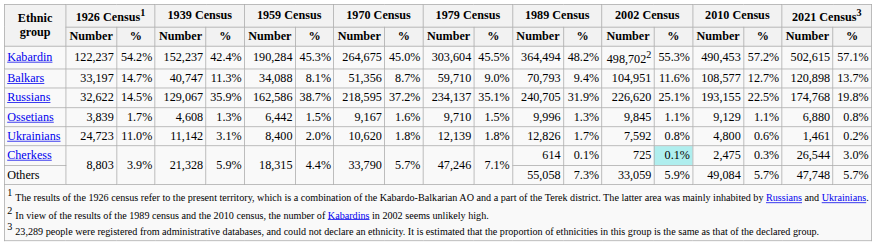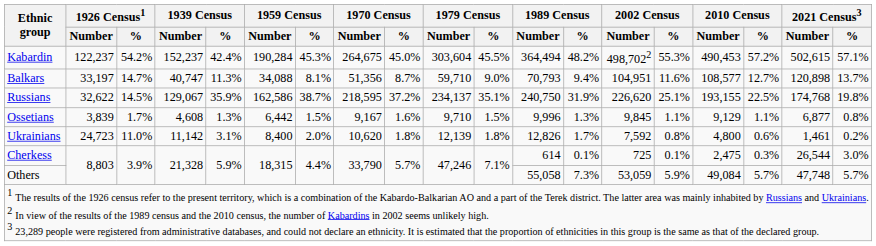 <table class="wikitable" style="text-align: right;">
 <tr bgcolor="#e0e0e0">
 <th rowspan="2">Ethnic<br>group</th>
 <th colspan="2">1926 Census<sup>1</sup></th>
 <th colspan="2">1939 Census</th>
 <th colspan="2">1959 Census</th>
 <th colspan="2">1970 Census</th>
 <th colspan="2">1979 Census</th>
 <th colspan="2">1989 Census</th>
 <th colspan="2">2002 Census</th>
 <th colspan="2">2010 Census</th>
 <th colspan="2">2021 Census<sup>3</sup></th>
 </tr>
 <tr bgcolor="#e0e0e0">
 <th>Number</th>
 <th>%</th>
 <th>Number</th>
 <th>%</th>
 <th>Number</th>
 <th>%</th>
 <th>Number</th>
 <th>%</th>
 <th>Number</th>
 <th>%</th>
 <th>Number</th>
 <th>%</th>
 <th>Number</th>
 <th>%</th>
 <th>Number</th>
 <th>%</th>
 <th>Number</th>
 <th>%</th>
 </tr>
 <tr>
 <td align="left"><a href='#'>Kabardin</a></td>
 <td>122,237</td>
 <td>54.2%</td>
 <td>152,237</td>
 <td>42.4%</td>
 <td>190,284</td>
 <td>45.3%</td>
 <td>264,675</td>
 <td>45.0%</td>
 <td>303,604</td>
 <td>45.5%</td>
 <td>364,494</td>
 <td>48.2%</td>
 <td>498,702<sup>2</sup></td>
 <td>55.3%</td>
 <td>490,453</td>
 <td>57.2%</td>
 <td>502,615</td>
 <td>57.1%</td>
 </tr>
 <tr>
 <td align="left"><a href='#'>Balkars</a></td>
 <td>33,197</td>
 <td>14.7%</td>
 <td>40,747</td>
 <td>11.3%</td>
 <td>34,088</td>
 <td>8.1%</td>
 <td>51,356</td>
 <td>8.7%</td>
 <td>59,710</td>
 <td>9.0%</td>
 <td>70,793</td>
 <td>9.4%</td>
 <td>104,951</td>
 <td>11.6%</td>
 <td>108,577</td>
 <td>12.7%</td>
 <td>120,898</td>
 <td>13.7%</td>
 </tr>
 <tr>
 <td align="left"><a href='#'>Russians</a></td>
 <td>32,622</td>
 <td>14.5%</td>
 <td>129,067</td>
 <td>35.9%</td>
 <td>162,586</td>
 <td>38.7%</td>
 <td>218,595</td>
 <td>37.2%</td>
 <td>234,137</td>
 <td>35.1%</td>
-<td>240,705</td>
+<td>240,750</td>
 <td>31.9%</td>
 <td>226,620</td>
 <td>25.1%</td>
 <td>193,155</td>
 <td>22.5%</td>
 <td>174,768</td>
 <td>19.8%</td>
 </tr>
 <tr>
 <td align="left"><a href='#'>Ossetians</a></td>
 <td>3,839</td>
 <td>1.7%</td>
 <td>4,608</td>
 <td>1.3%</td>
 <td>6,442</td>
 <td>1.5%</td>
 <td>9,167</td>
 <td>1.6%</td>
 <td>9,710</td>
 <td>1.5%</td>
 <td>9,996</td>
 <td>1.3%</td>
 <td>9,845</td>
 <td>1.1%</td>
 <td>9,129</td>
 <td>1.1%</td>
-<td>6,880</td>
+<td>6,877</td>
 <td>0.8%</td>
 </tr>
 <tr>
 <td align="left"><a href='#'>Ukrainians</a></td>
 <td>24,723</td>
 <td>11.0%</td>
 <td>11,142</td>
 <td>3.1%</td>
 <td>8,400</td>
 <td>2.0%</td>
 <td>10,620</td>
 <td>1.8%</td>
 <td>12,139</td>
 <td>1.8%</td>
 <td>12,826</td>
 <td>1.7%</td>
 <td>7,592</td>
 <td>0.8%</td>
 <td>4,800</td>
 <td>0.6%</td>
 <td>1,461</td>
 <td>0.2%</td>
 </tr>
 <tr>
 <td align="left"><a href='#'>Cherkess</a></td>
 <td rowspan="2">8,803</td>
 <td rowspan="2">3.9%</td>
 <td rowspan="2">21,328</td>
 <td rowspan="2">5.9%</td>
 <td rowspan="2">18,315</td>
 <td rowspan="2">4.4%</td>
 <td rowspan="2">33,790</td>
 <td rowspan="2">5.7%</td>
 <td rowspan="2">47,246</td>
 <td rowspan="2">7.1%</td>
 <td>614</td>
 <td>0.1%</td>
 <td>725</td>
-<td style="background: paleturquoise;">0.1%</td>
+<td>0.1%</td>
 <td>2,475</td>
 <td>0.3%</td>
 <td>26,544</td>
 <td>3.0%</td>
 </tr>
 <tr>
 <td align="left">Others</td>
 <td>55,058</td>
 <td>7.3%</td>
-<td>33,059</td>
+<td>53,059</td>
 <td>5.9%</td>
 <td>49,084</td>
 <td>5.7%</td>
 <td>47,748</td>
 <td>5.7%</td>
 </tr>
 <tr>
 <td align="left" colspan="19"><sup>1</sup> <small> The results of the 1926 census refer to the present territory, which is a combination of the Kabardo-Balkarian AO and a part of the Terek district. The latter area was mainly inhabited by <a href='#'>Russians</a> and <a href='#'>Ukrainians</a>.</small><br><sup>2</sup> <small>In view of the results of the 1989 census and the 2010 census, the number of <a href='#'>Kabardins</a> in 2002 seems unlikely high.</small><br> <sup>3</sup> <small>23,289  people were registered from administrative databases, and could not declare an ethnicity. It is estimated that the proportion of ethnicities in this group is the same as that of the declared group.</small></td>
 </tr>
 </table>
